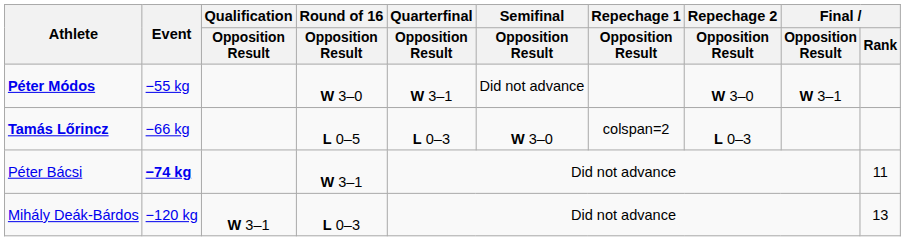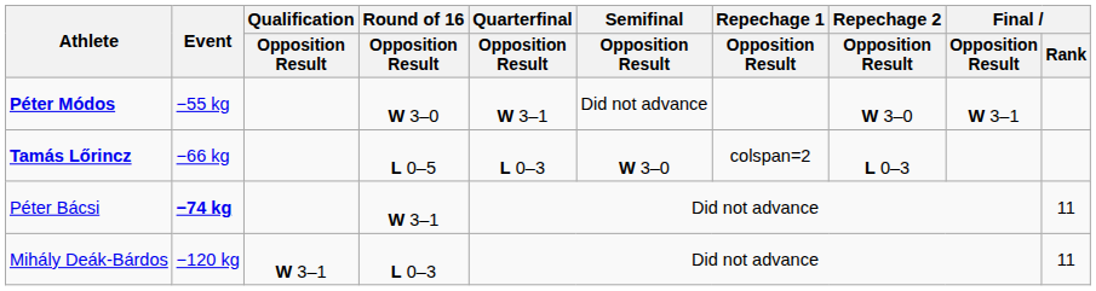 <table class=wikitable style="font-size:90%;">
 <tr>
 <th rowspan=2>Athlete</th>
 <th rowspan=2>Event</th>
 <th>Qualification</th>
 <th>Round of 16</th>
 <th>Quarterfinal</th>
 <th>Semifinal</th>
 <th>Repechage 1</th>
 <th>Repechage 2</th>
 <th colspan=2>Final / </th>
 </tr>
 <tr style="font-size: 95%">
 <th>Opposition<br>Result</th>
 <th>Opposition<br>Result</th>
 <th>Opposition<br>Result</th>
 <th>Opposition<br>Result</th>
 <th>Opposition<br>Result</th>
 <th>Opposition<br>Result</th>
 <th>Opposition<br>Result</th>
 <th>Rank</th>
 </tr>
 <tr align=center>
 <td align=left><strong><a href='#'>Péter Módos</a></strong></td>
 <td align=left><a href='#'>−55 kg</a></td>
 <td></td>
 <td><br><strong>W</strong> 3–0 <sup></sup></td>
 <td><br><strong>W</strong> 3–1 <sup></sup></td>
 <td>Did not advance</td>
 <td></td>
 <td><br><strong>W</strong> 3–0 <sup></sup></td>
 <td><br><strong>W</strong> 3–1 <sup></sup></td>
 <td></td>
 </tr>
 <tr align=center>
 <td align=left><strong><a href='#'>Tamás Lőrincz</a></strong></td>
 <td align=left><a href='#'>−66 kg</a></td>
 <td></td>
 <td><br><strong>L</strong> 0–5 <sup></sup></td>
 <td><br><strong>L</strong> 0–3 <sup></sup></td>
 <td><br><strong>W</strong> 3–0 <sup></sup></td>
 <td>colspan=2 </td>
 <td><br><strong>L</strong> 0–3 <sup></sup></td>
 <td></td>
 </tr>
 <tr align=center>
 <td align=left><a href='#'>Péter Bácsi</a></td>
 <td align=left><strong><a href='#'>−74 kg</a></strong></td>
 <td></td>
 <td><br><strong>W</strong> 3–1 <sup></sup></td>
 <td colspan=5>Did not advance</td>
 <td>11</td>
 </tr>
 <tr align=center>
 <td align=left><a href='#'>Mihály Deák-Bárdos</a></td>
 <td align=left><a href='#'>−120 kg</a></td>
 <td><br><strong>W</strong> 3–1 <sup></sup></td>
 <td><br><strong>L</strong> 0–3 <sup></sup></td>
 <td colspan=5>Did not advance</td>
-<td>13</td>
+<td>11</td>
 </tr>
 </table>
